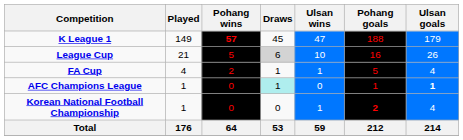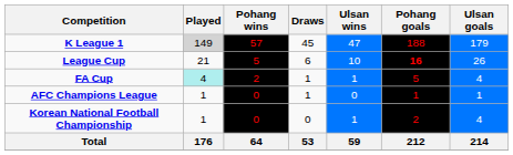 <table class="wikitable" width=700px style="font-size: 95%; text-align: center;">
 <tr>
 <th>Competition</th>
 <th>Played</th>
 <th>Pohang wins</th>
 <th>Draws</th>
 <th>Ulsan wins</th>
 <th>Pohang goals</th>
 <th>Ulsan goals</th>
 </tr>
 <tr>
 <td><strong><a href='#'>K League 1</a></strong></td>
-<td>149</td>
-<td style="background:black; color:red"><strong>57</strong></td>
+<td style="background: lightgrey;">149</td>
+<td style="background:black; color:red">57</td>
 <td>45</td>
 <td style="background:#0077FF; color:white">47</td>
 <td style="background:black; color:red">188</td>
 <td style="background:#0077FF; color:white">179</td>
 </tr>
 <tr>
 <td><strong><a href='#'>League Cup</a></strong></td>
 <td>21</td>
 <td style="background:black; color:red">5</td>
-<td style="background: lightgrey;">6</td>
+<td>6</td>
 <td style="background:#0077FF; color:white">10</td>
-<td style="background:black; color:red">16</td>
+<td style="background:black; color:red"><strong>16</strong></td>
 <td style="background:#0077FF; color:white">26</td>
 </tr>
 <tr>
 <td><strong><a href='#'>FA Cup</a></strong></td>
-<td>4</td>
+<td style="background: paleturquoise;">4</td>
 <td style="background:black; color:red">2</td>
 <td>1</td>
 <td style="background:#0077FF; color:white">1</td>
 <td style="background:black; color:red">5</td>
 <td style="background:#0077FF; color:white">4</td>
 </tr>
 <tr>
 <td><strong><a href='#'>AFC Champions League</a></strong></td>
 <td>1</td>
 <td style="background:black; color:red">0</td>
-<td style="background: paleturquoise;">1</td>
+<td>1</td>
 <td style="background:#0077FF; color:white">0</td>
 <td style="background:black; color:red">1</td>
-<td style="background:#0077FF; color:white"><strong>1</strong></td>
+<td style="background:#0077FF; color:white">1</td>
 </tr>
 <tr>
 <td><strong><a href='#'>Korean National Football Championship</a></strong></td>
 <td>1</td>
 <td style="background:black; color:red">0</td>
 <td>0</td>
 <td style="background:#0077FF; color:white">1</td>
-<td style="background:black; color:red"><strong>2</strong></td>
+<td style="background:black; color:red">2</td>
 <td style="background:#0077FF; color:white">4</td>
 </tr>
 <tr>
 <th>Total</th>
 <th>176</th>
 <th>64</th>
 <th>53</th>
 <th>59</th>
 <th>212</th>
 <th>214</th>
 </tr>
 <tr>
 </tr>
 </table>
